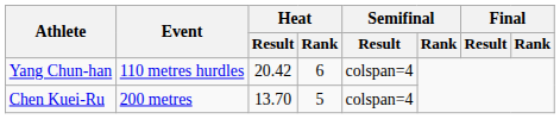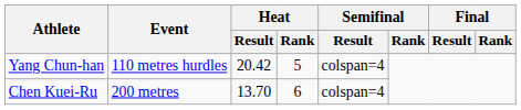 <table class="wikitable" style="font-size:90%">
 <tr>
 <th rowspan="2">Athlete</th>
 <th rowspan="2">Event</th>
 <th colspan="2">Heat</th>
 <th colspan="2">Semifinal</th>
 <th colspan="2">Final</th>
 </tr>
 <tr style="font-size:95%">
 <th>Result</th>
 <th>Rank</th>
 <th>Result</th>
 <th>Rank</th>
 <th>Result</th>
 <th>Rank</th>
 </tr>
 <tr align=center>
 <td align=left><a href='#'>Yang Chun-han</a></td>
 <td align=left><a href='#'>110 metres hurdles</a></td>
 <td>20.42</td>
-<td>6</td>
+<td>5</td>
 <td>colspan=4 </td>
 </tr>
 <tr align=center>
 <td align=left><a href='#'>Chen Kuei-Ru</a></td>
 <td align=left><a href='#'>200 metres</a></td>
 <td>13.70</td>
-<td>5</td>
+<td>6</td>
 <td>colspan=4 </td>
 </tr>
 </table>
